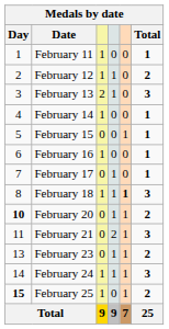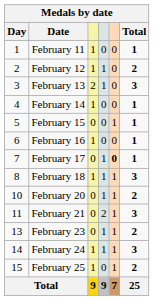 <table class=wikitable style=font-size:85%;float:right;text-align:center>
 <tr>
 <th colspan=6>Medals by date</th>
 </tr>
 <tr>
 <th>Day</th>
 <th>Date</th>
 <td bgcolor=F7F6A8></td>
 <td bgcolor=DCE5E5></td>
 <td bgcolor=FFDAB9></td>
 <th>Total</th>
 </tr>
 <tr>
 <td>1</td>
 <td>February 11</td>
 <td bgcolor=F7F6A8>1</td>
 <td bgcolor=DCE5E5>0</td>
 <td bgcolor=FFDAB9>0</td>
 <td><strong>1</strong></td>
 </tr>
 <tr>
 <td>2</td>
 <td>February 12</td>
 <td bgcolor=F7F6A8>1</td>
 <td bgcolor=DCE5E5>1</td>
 <td bgcolor=FFDAB9>0</td>
 <td><strong>2</strong></td>
 </tr>
 <tr>
 <td>3</td>
 <td>February 13</td>
 <td bgcolor=F7F6A8>2</td>
 <td bgcolor=DCE5E5>1</td>
 <td bgcolor=FFDAB9>0</td>
 <td><strong>3</strong></td>
 </tr>
 <tr>
 <td>4</td>
 <td>February 14</td>
 <td bgcolor=F7F6A8>1</td>
 <td bgcolor=DCE5E5>0</td>
 <td bgcolor=FFDAB9>0</td>
 <td><strong>1</strong></td>
 </tr>
 <tr>
 <td>5</td>
 <td>February 15</td>
 <td bgcolor=F7F6A8>0</td>
 <td bgcolor=DCE5E5>0</td>
 <td bgcolor=FFDAB9>1</td>
 <td><strong>1</strong></td>
 </tr>
 <tr>
 <td>6</td>
 <td>February 16</td>
 <td bgcolor=F7F6A8>1</td>
 <td bgcolor=DCE5E5>0</td>
 <td bgcolor=FFDAB9>0</td>
 <td><strong>1</strong></td>
 </tr>
 <tr>
 <td>7</td>
 <td>February 17</td>
 <td bgcolor=F7F6A8>0</td>
 <td bgcolor=DCE5E5>1</td>
-<td bgcolor=FFDAB9>0</td>
+<td bgcolor=FFDAB9><strong>0</strong></td>
 <td><strong>1</strong></td>
 </tr>
 <tr>
 <td>8</td>
 <td>February 18</td>
 <td bgcolor=F7F6A8>1</td>
 <td bgcolor=DCE5E5>1</td>
-<td bgcolor=FFDAB9><strong>1</strong></td>
+<td bgcolor=FFDAB9>1</td>
 <td><strong>3</strong></td>
 </tr>
 <tr>
-<td><strong>10</strong></td>
+<td>10</td>
 <td>February 20</td>
 <td bgcolor=F7F6A8>0</td>
 <td bgcolor=DCE5E5>1</td>
 <td bgcolor=FFDAB9>1</td>
 <td><strong>2</strong></td>
 </tr>
 <tr>
 <td>11</td>
 <td>February 21</td>
 <td bgcolor=F7F6A8>0</td>
 <td bgcolor=DCE5E5>2</td>
 <td bgcolor=FFDAB9>1</td>
 <td><strong>3</strong></td>
 </tr>
 <tr>
 <td>13</td>
 <td>February 23</td>
 <td bgcolor=F7F6A8>0</td>
 <td bgcolor=DCE5E5>1</td>
 <td bgcolor=FFDAB9>1</td>
 <td><strong>2</strong></td>
 </tr>
 <tr>
 <td>14</td>
 <td>February 24</td>
 <td bgcolor=F7F6A8>1</td>
 <td bgcolor=DCE5E5>1</td>
 <td bgcolor=FFDAB9>1</td>
 <td><strong>3</strong></td>
 </tr>
 <tr>
-<td><strong>15</strong></td>
+<td>15</td>
 <td>February 25</td>
 <td bgcolor=F7F6A8>1</td>
 <td bgcolor=DCE5E5>0</td>
 <td bgcolor=FFDAB9>1</td>
 <td><strong>2</strong></td>
 </tr>
 <tr>
 <th colspan=2>Total</th>
 <th style=background:gold>9</th>
 <th style=background:silver>9</th>
 <th style=background:#c96>7</th>
 <th>25</th>
 </tr>
 </table>
